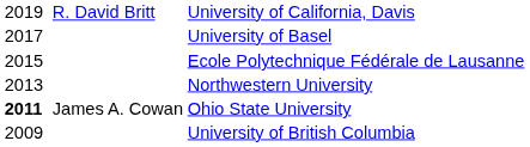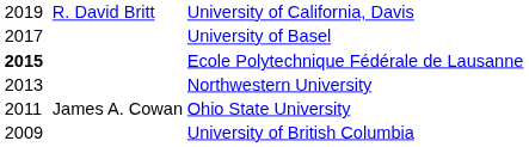 <table>
 <tr>
 <td>2019</td>
 <td><a href='#'>R. David Britt</a></td>
 <td><a href='#'>University of California, Davis</a></td>
 </tr>
 <tr>
 <td>2017</td>
 <td></td>
 <td><a href='#'>University of Basel</a></td>
 </tr>
 <tr>
-<td>2015</td>
+<td><strong>2015</strong></td>
 <td></td>
 <td><a href='#'>Ecole Polytechnique Fédérale de Lausanne</a></td>
 </tr>
 <tr>
 <td>2013</td>
 <td></td>
 <td><a href='#'>Northwestern University</a></td>
 </tr>
 <tr>
-<td><strong>2011</strong></td>
+<td>2011</td>
 <td>James A. Cowan</td>
 <td><a href='#'>Ohio State University</a></td>
 </tr>
 <tr>
 <td>2009 </td>
 <td></td>
 <td><a href='#'>University of British Columbia</a></td>
 </tr>
 </table>
